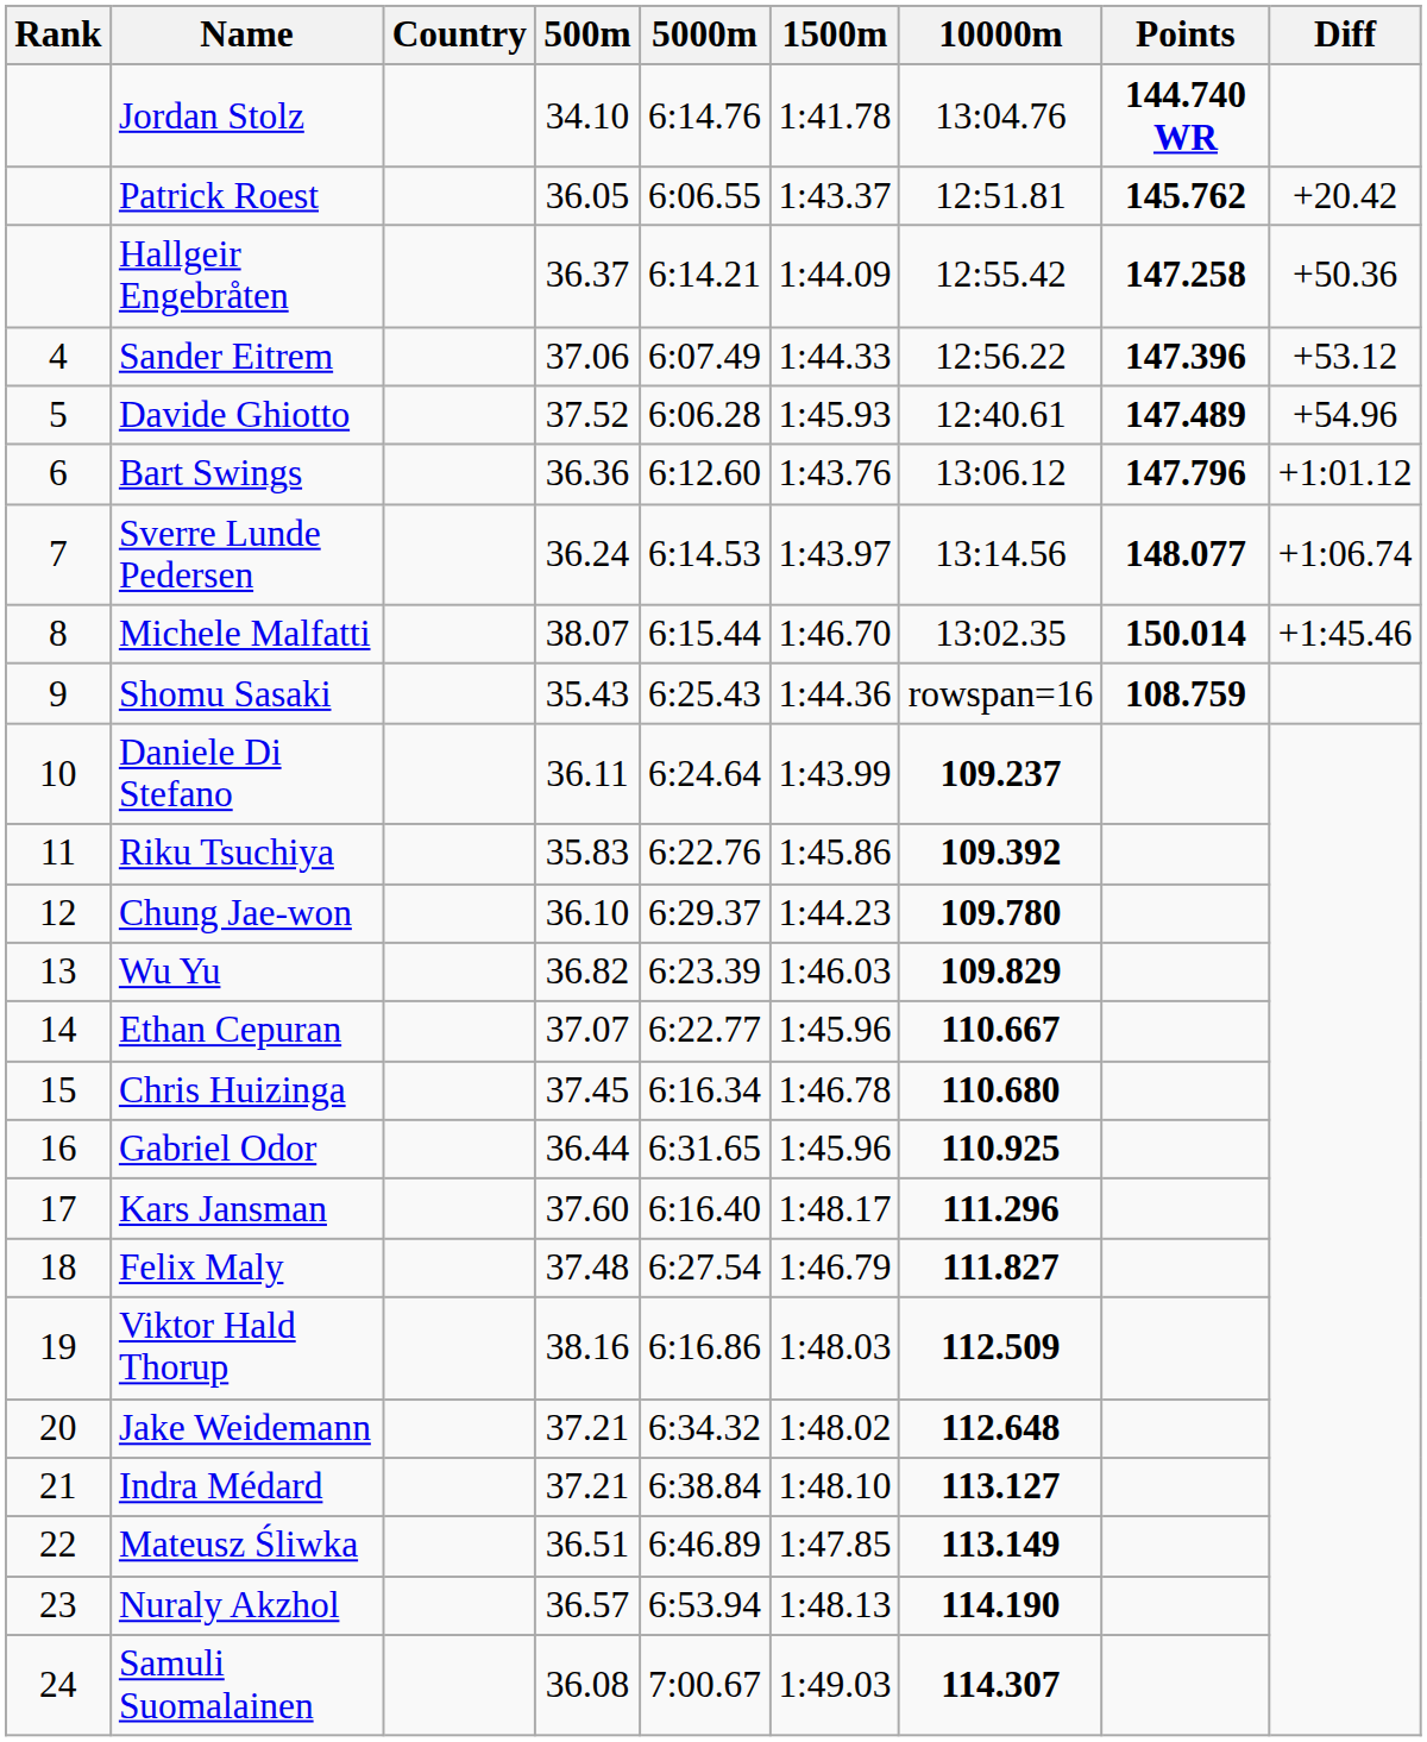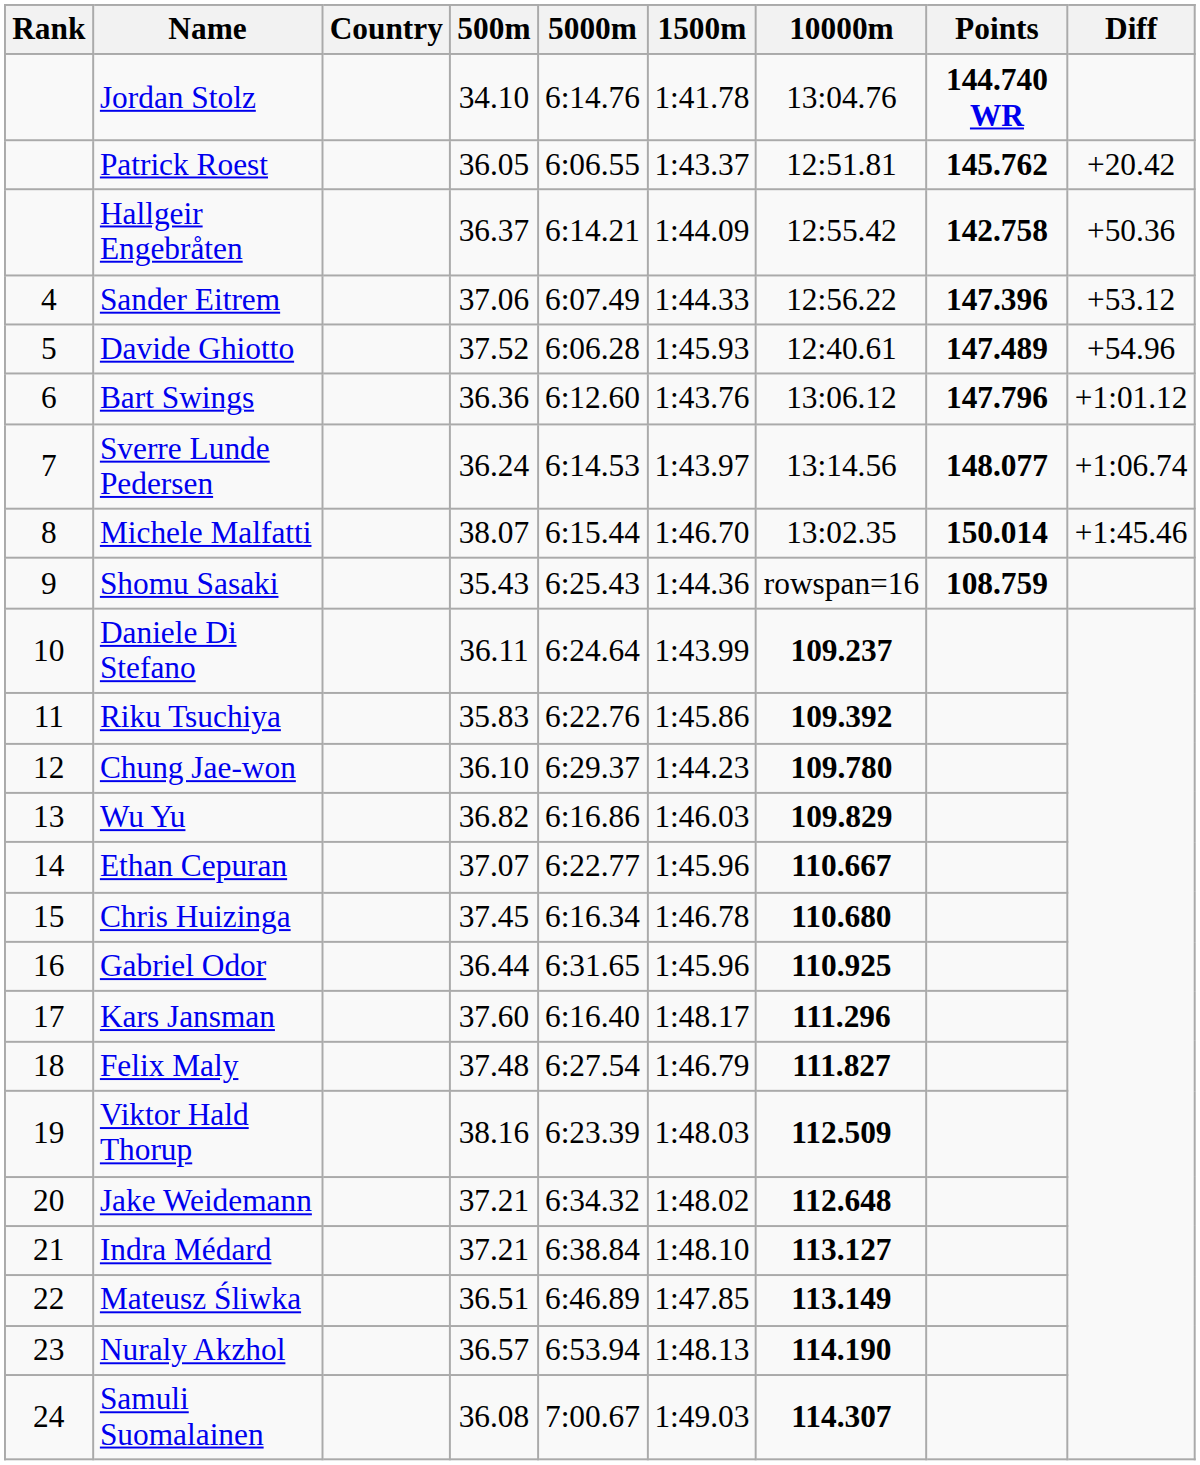 <table class="wikitable sortable" style="text-align:center">
 <tr>
 <th>Rank</th>
 <th>Name</th>
 <th>Country</th>
 <th>500m</th>
 <th>5000m</th>
 <th>1500m</th>
 <th>10000m</th>
 <th>Points</th>
 <th>Diff</th>
 </tr>
 <tr>
 <td></td>
 <td align=left><a href='#'>Jordan Stolz</a></td>
 <td align=left></td>
 <td>34.10</td>
 <td>6:14.76</td>
 <td>1:41.78</td>
 <td>13:04.76</td>
 <td><strong>144.740 <a href='#'>WR</a></strong></td>
 <td></td>
 </tr>
 <tr>
 <td></td>
 <td align=left><a href='#'>Patrick Roest</a></td>
 <td align=left></td>
 <td>36.05</td>
 <td>6:06.55</td>
 <td>1:43.37</td>
 <td>12:51.81</td>
 <td><strong>145.762</strong></td>
 <td>+20.42</td>
 </tr>
 <tr>
 <td></td>
 <td align=left><a href='#'>Hallgeir Engebråten</a></td>
 <td align=left></td>
 <td>36.37</td>
 <td>6:14.21</td>
 <td>1:44.09</td>
 <td>12:55.42</td>
-<td><strong>147.258</strong></td>
+<td><strong>142.758</strong></td>
 <td>+50.36</td>
 </tr>
 <tr>
 <td>4</td>
 <td align=left><a href='#'>Sander Eitrem</a></td>
 <td align=left></td>
 <td>37.06</td>
 <td>6:07.49</td>
 <td>1:44.33</td>
 <td>12:56.22</td>
 <td><strong>147.396</strong></td>
 <td>+53.12</td>
 </tr>
 <tr>
 <td>5</td>
 <td align=left><a href='#'>Davide Ghiotto</a></td>
 <td align=left></td>
 <td>37.52</td>
 <td>6:06.28</td>
 <td>1:45.93</td>
 <td>12:40.61</td>
 <td><strong>147.489</strong></td>
 <td>+54.96</td>
 </tr>
 <tr>
 <td>6</td>
 <td align=left><a href='#'>Bart Swings</a></td>
 <td align=left></td>
 <td>36.36</td>
 <td>6:12.60</td>
 <td>1:43.76</td>
 <td>13:06.12</td>
 <td><strong>147.796</strong></td>
 <td>+1:01.12</td>
 </tr>
 <tr>
 <td>7</td>
 <td align=left><a href='#'>Sverre Lunde Pedersen</a></td>
 <td align=left></td>
 <td>36.24</td>
 <td>6:14.53</td>
 <td>1:43.97</td>
 <td>13:14.56</td>
 <td><strong>148.077</strong></td>
 <td>+1:06.74</td>
 </tr>
 <tr>
 <td>8</td>
 <td align=left><a href='#'>Michele Malfatti</a></td>
 <td align=left></td>
 <td>38.07</td>
 <td>6:15.44</td>
 <td>1:46.70</td>
 <td>13:02.35</td>
 <td><strong>150.014</strong></td>
 <td>+1:45.46</td>
 </tr>
 <tr>
 <td>9</td>
 <td align=left><a href='#'>Shomu Sasaki</a></td>
 <td align=left></td>
 <td>35.43</td>
 <td>6:25.43</td>
 <td>1:44.36</td>
 <td>rowspan=16 </td>
 <td><strong>108.759</strong></td>
 <td></td>
 </tr>
 <tr>
 <td>10</td>
 <td align=left><a href='#'>Daniele Di Stefano</a></td>
 <td align=left></td>
 <td>36.11</td>
 <td>6:24.64</td>
 <td>1:43.99</td>
 <td><strong>109.237</strong></td>
 <td></td>
 </tr>
 <tr>
 <td>11</td>
 <td align=left><a href='#'>Riku Tsuchiya</a></td>
 <td align=left></td>
 <td>35.83</td>
 <td>6:22.76</td>
 <td>1:45.86</td>
 <td><strong>109.392</strong></td>
 <td></td>
 </tr>
 <tr>
 <td>12</td>
 <td align=left><a href='#'>Chung Jae-won</a></td>
 <td align=left></td>
 <td>36.10</td>
 <td>6:29.37</td>
 <td>1:44.23</td>
 <td><strong>109.780</strong></td>
 <td></td>
 </tr>
 <tr>
 <td>13</td>
 <td align=left><a href='#'>Wu Yu</a></td>
 <td align=left></td>
 <td>36.82</td>
-<td>6:23.39</td>
+<td>6:16.86</td>
 <td>1:46.03</td>
 <td><strong>109.829</strong></td>
 <td></td>
 </tr>
 <tr>
 <td>14</td>
 <td align=left><a href='#'>Ethan Cepuran</a></td>
 <td align=left></td>
 <td>37.07</td>
 <td>6:22.77</td>
 <td>1:45.96</td>
 <td><strong>110.667</strong></td>
 <td></td>
 </tr>
 <tr>
 <td>15</td>
 <td align=left><a href='#'>Chris Huizinga</a></td>
 <td align=left></td>
 <td>37.45</td>
 <td>6:16.34</td>
 <td>1:46.78</td>
 <td><strong>110.680</strong></td>
 <td></td>
 </tr>
 <tr>
 <td>16</td>
 <td align=left><a href='#'>Gabriel Odor</a></td>
 <td align=left></td>
 <td>36.44</td>
 <td>6:31.65</td>
 <td>1:45.96</td>
 <td><strong>110.925</strong></td>
 <td></td>
 </tr>
 <tr>
 <td>17</td>
 <td align=left><a href='#'>Kars Jansman</a></td>
 <td align=left></td>
 <td>37.60</td>
 <td>6:16.40</td>
 <td>1:48.17</td>
 <td><strong>111.296</strong></td>
 <td></td>
 </tr>
 <tr>
 <td>18</td>
 <td align=left><a href='#'>Felix Maly</a></td>
 <td align=left></td>
 <td>37.48</td>
 <td>6:27.54</td>
 <td>1:46.79</td>
 <td><strong>111.827</strong></td>
 <td></td>
 </tr>
 <tr>
 <td>19</td>
 <td align=left><a href='#'>Viktor Hald Thorup</a></td>
 <td align=left></td>
 <td>38.16</td>
-<td>6:16.86</td>
+<td>6:23.39</td>
 <td>1:48.03</td>
 <td><strong>112.509</strong></td>
 <td></td>
 </tr>
 <tr>
 <td>20</td>
 <td align=left><a href='#'>Jake Weidemann</a></td>
 <td align=left></td>
 <td>37.21</td>
 <td>6:34.32</td>
 <td>1:48.02</td>
 <td><strong>112.648</strong></td>
 <td></td>
 </tr>
 <tr>
 <td>21</td>
 <td align=left><a href='#'>Indra Médard</a></td>
 <td align=left></td>
 <td>37.21</td>
 <td>6:38.84</td>
 <td>1:48.10</td>
 <td><strong>113.127</strong></td>
 <td></td>
 </tr>
 <tr>
 <td>22</td>
 <td align=left><a href='#'>Mateusz Śliwka</a></td>
 <td align=left></td>
 <td>36.51</td>
 <td>6:46.89</td>
 <td>1:47.85</td>
 <td><strong>113.149</strong></td>
 <td></td>
 </tr>
 <tr>
 <td>23</td>
 <td align=left><a href='#'>Nuraly Akzhol</a></td>
 <td align=left></td>
 <td>36.57</td>
 <td>6:53.94</td>
 <td>1:48.13</td>
 <td><strong>114.190</strong></td>
 <td></td>
 </tr>
 <tr>
 <td>24</td>
 <td align=left><a href='#'>Samuli Suomalainen</a></td>
 <td align=left></td>
 <td>36.08</td>
 <td>7:00.67</td>
 <td>1:49.03</td>
 <td><strong>114.307</strong></td>
 <td></td>
 </tr>
 </table>
